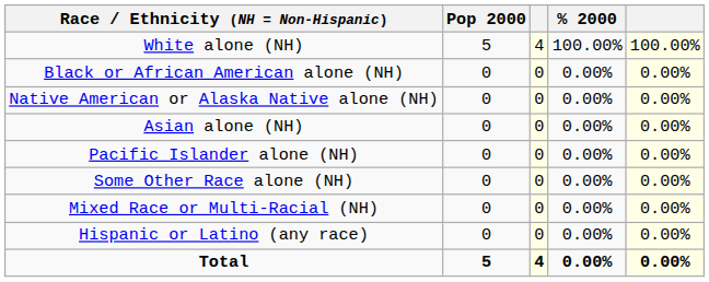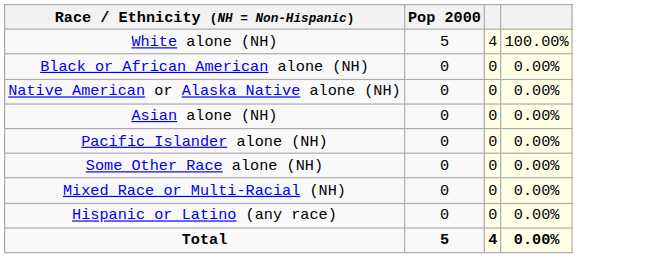 <table class="wikitable" style="text-align:center;">
 <tr>
 <th>Race / Ethnicity <small>(<em>NH = Non-Hispanic</em>)</small></th>
 <th>Pop 2000</th>
 <th></th>
-<th>% 2000</th>
 <th></th>
 </tr>
 <tr>
 <td><a href='#'>White</a> alone (NH)</td>
 <td>5</td>
 <td style='background: #ffffe6;'>4</td>
-<td>100.00%</td>
 <td style='background: #ffffe6;'>100.00%</td>
 </tr>
 <tr>
 <td><a href='#'>Black or African American</a> alone (NH)</td>
 <td>0</td>
 <td style='background: #ffffe6;'>0</td>
-<td>0.00%</td>
 <td style='background: #ffffe6;'>0.00%</td>
 </tr>
 <tr>
 <td><a href='#'>Native American</a> or <a href='#'>Alaska Native</a> alone (NH)</td>
 <td>0</td>
 <td style='background: #ffffe6;'>0</td>
-<td>0.00%</td>
 <td style='background: #ffffe6;'>0.00%</td>
 </tr>
 <tr>
 <td><a href='#'>Asian</a> alone (NH)</td>
 <td>0</td>
 <td style='background: #ffffe6;'>0</td>
-<td>0.00%</td>
 <td style='background: #ffffe6;'>0.00%</td>
 </tr>
 <tr>
 <td><a href='#'>Pacific Islander</a> alone (NH)</td>
 <td>0</td>
 <td style='background: #ffffe6;'>0</td>
-<td>0.00%</td>
 <td style='background: #ffffe6;'>0.00%</td>
 </tr>
 <tr>
 <td><a href='#'>Some Other Race</a> alone (NH)</td>
 <td>0</td>
 <td style='background: #ffffe6;'>0</td>
-<td>0.00%</td>
 <td style='background: #ffffe6;'>0.00%</td>
 </tr>
 <tr>
 <td><a href='#'>Mixed Race or Multi-Racial</a> (NH)</td>
 <td>0</td>
 <td style='background: #ffffe6;'>0</td>
-<td>0.00%</td>
 <td style='background: #ffffe6;'>0.00%</td>
 </tr>
 <tr>
 <td><a href='#'>Hispanic or Latino</a> (any race)</td>
 <td>0</td>
 <td style='background: #ffffe6;'>0</td>
-<td>0.00%</td>
 <td style='background: #ffffe6;'>0.00%</td>
 </tr>
 <tr>
 <td><strong>Total</strong></td>
 <td><strong>5</strong></td>
 <td style='background: #ffffe6;'><strong>4</strong></td>
-<td><strong>0.00%</strong></td>
 <td style='background: #ffffe6;'><strong>0.00%</strong></td>
 </tr>
 </table>
